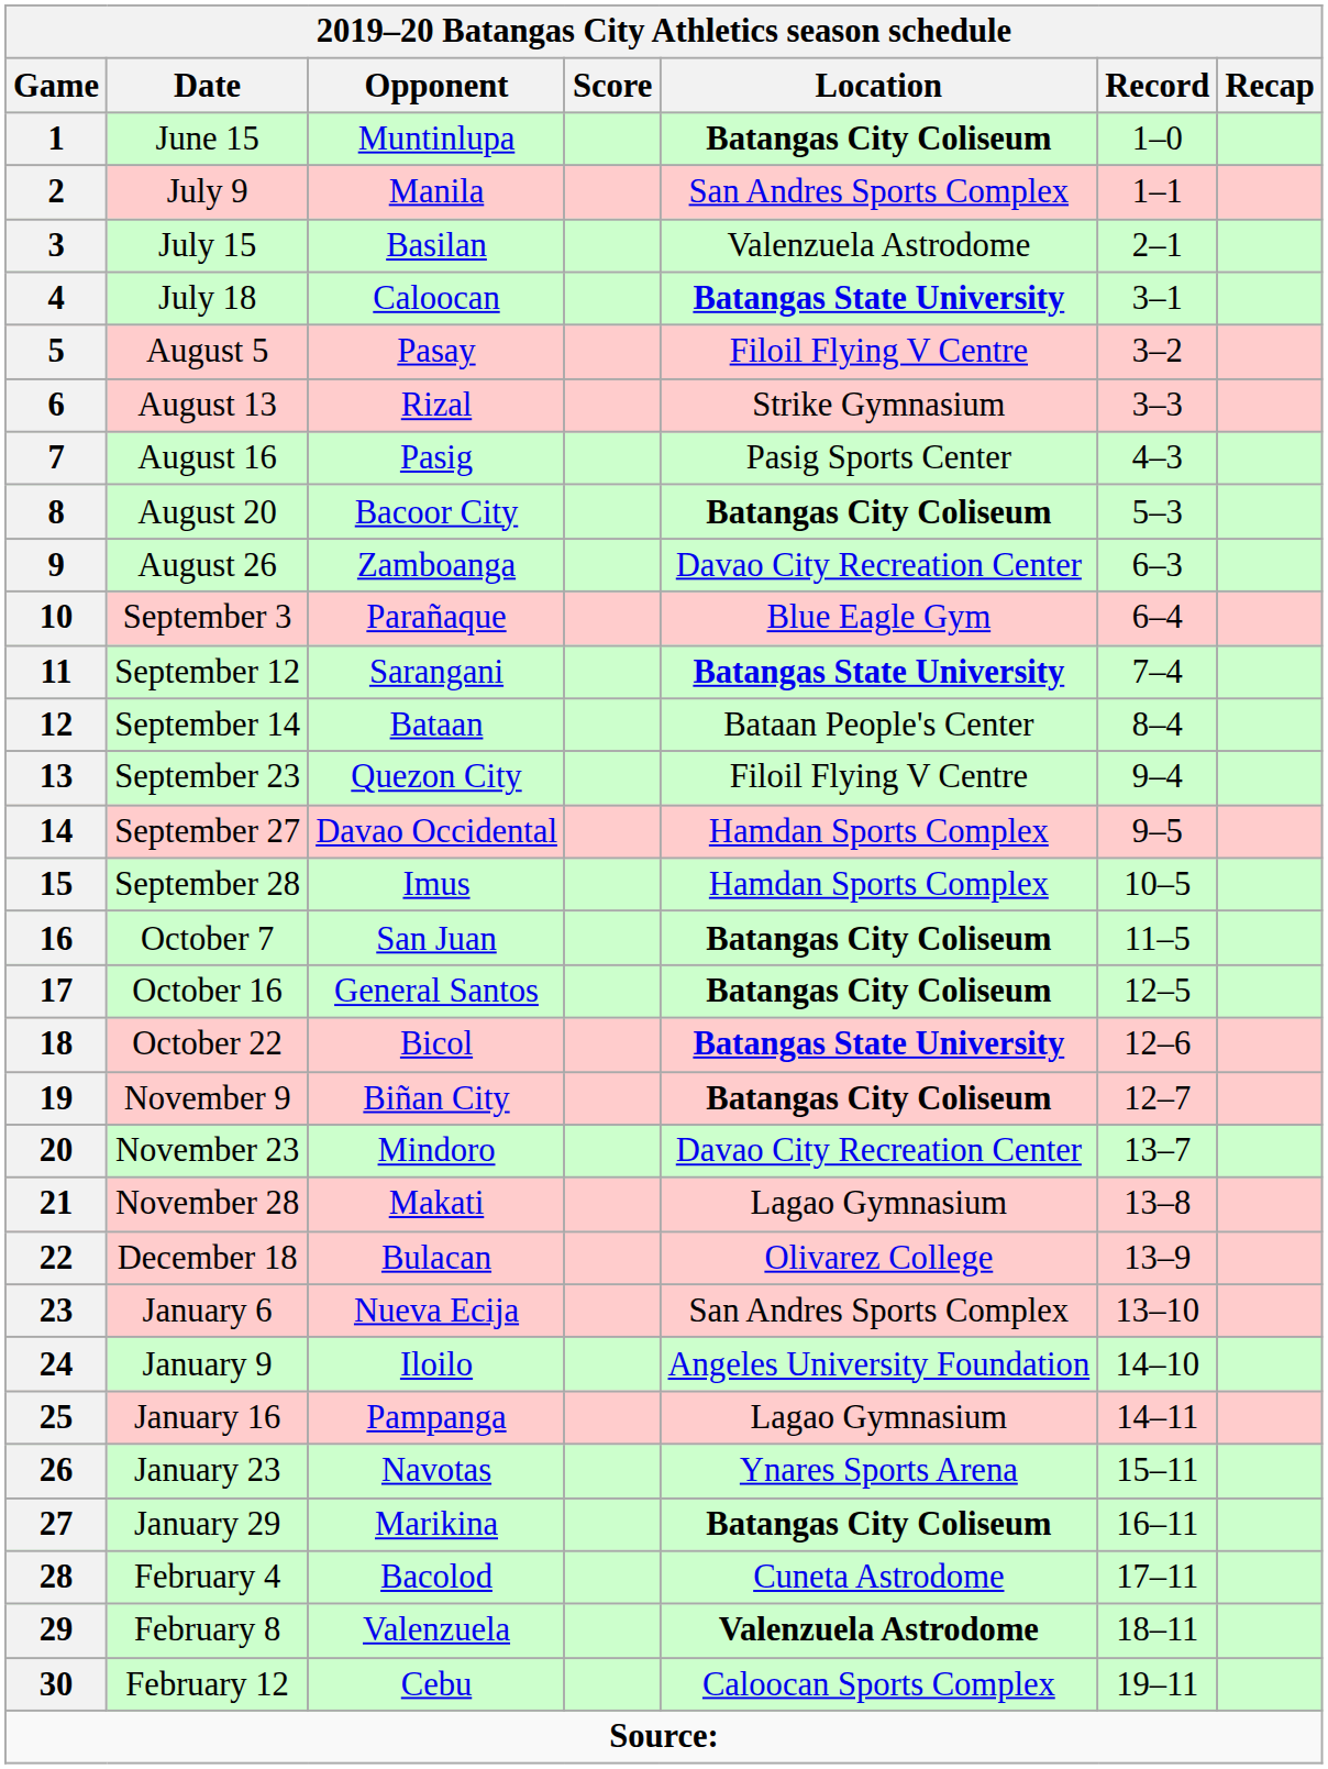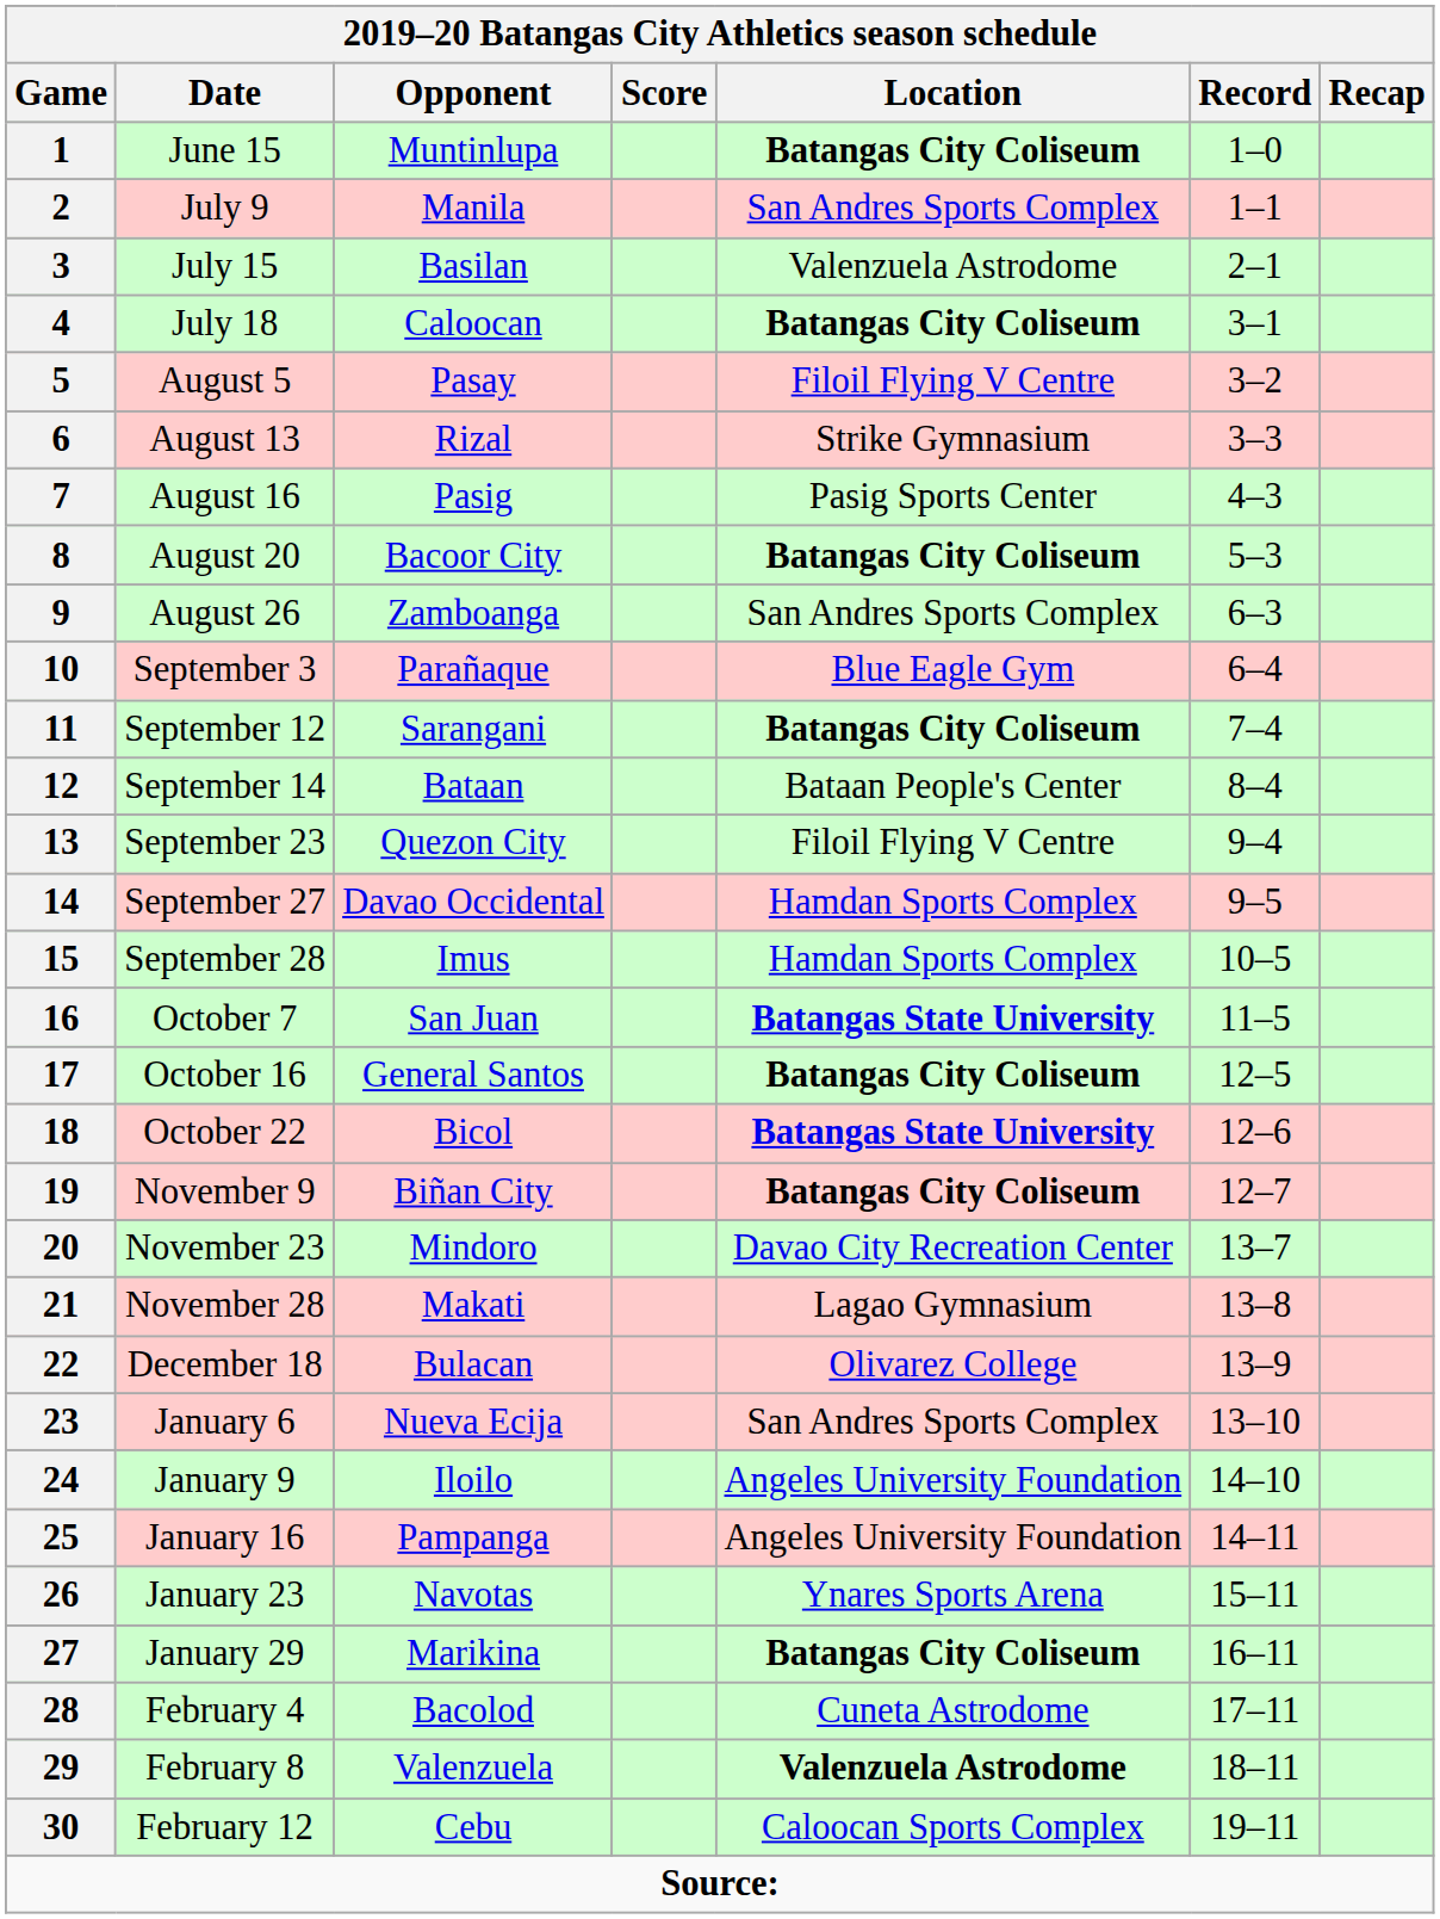 <table class="wikitable" style="text-align:center">
 <tr>
 <th colspan=7>2019–20 Batangas City Athletics season schedule</th>
 </tr>
 <tr>
 <th>Game</th>
 <th>Date</th>
 <th>Opponent</th>
 <th>Score</th>
 <th>Location</th>
 <th>Record</th>
 <th>Recap<br></th>
 </tr>
 <tr style="background:#cfc">
 <th>1</th>
 <td>June 15</td>
 <td><a href='#'>Muntinlupa</a></td>
 <td></td>
 <td><strong>Batangas City Coliseum</strong></td>
 <td>1–0</td>
 <td></td>
 </tr>
 <tr style="background:#fcc">
 <th>2</th>
 <td>July 9</td>
 <td><a href='#'>Manila</a></td>
 <td></td>
 <td><a href='#'>San Andres Sports Complex</a></td>
 <td>1–1</td>
 <td></td>
 </tr>
 <tr style="background:#cfc">
 <th>3</th>
 <td>July 15</td>
 <td><a href='#'>Basilan</a></td>
 <td></td>
 <td>Valenzuela Astrodome</td>
 <td>2–1</td>
 <td></td>
 </tr>
 <tr style="background:#cfc">
 <th>4</th>
 <td>July 18</td>
 <td><a href='#'>Caloocan</a></td>
 <td></td>
-<td><strong><a href='#'>Batangas State University</a></strong></td>
+<td><strong>Batangas City Coliseum</strong></td>
 <td>3–1</td>
 <td></td>
 </tr>
 <tr style="background:#fcc">
 <th>5</th>
 <td>August 5</td>
 <td><a href='#'>Pasay</a></td>
 <td></td>
 <td><a href='#'>Filoil Flying V Centre</a></td>
 <td>3–2</td>
 <td></td>
 </tr>
 <tr style="background:#fcc">
 <th>6</th>
 <td>August 13</td>
 <td><a href='#'>Rizal</a></td>
 <td></td>
 <td>Strike Gymnasium</td>
 <td>3–3</td>
 <td></td>
 </tr>
 <tr style="background:#cfc">
 <th>7</th>
 <td>August 16</td>
 <td><a href='#'>Pasig</a></td>
 <td></td>
 <td>Pasig Sports Center</td>
 <td>4–3</td>
 <td></td>
 </tr>
 <tr style="background:#cfc">
 <th>8</th>
 <td>August 20</td>
 <td><a href='#'>Bacoor City</a></td>
 <td></td>
 <td><strong>Batangas City Coliseum</strong></td>
 <td>5–3</td>
 <td></td>
 </tr>
 <tr style="background:#cfc">
 <th>9</th>
 <td>August 26</td>
 <td><a href='#'>Zamboanga</a></td>
 <td></td>
-<td><a href='#'>Davao City Recreation Center</a></td>
+<td>San Andres Sports Complex</td>
 <td>6–3</td>
 <td><br></td>
 </tr>
 <tr style="background:#fcc">
 <th>10</th>
 <td>September 3</td>
 <td><a href='#'>Parañaque</a></td>
 <td></td>
 <td><a href='#'>Blue Eagle Gym</a></td>
 <td>6–4</td>
 <td></td>
 </tr>
 <tr style="background:#cfc">
 <th>11</th>
 <td>September 12</td>
 <td><a href='#'>Sarangani</a></td>
 <td></td>
-<td><strong><a href='#'>Batangas State University</a></strong></td>
+<td><strong>Batangas City Coliseum</strong></td>
 <td>7–4</td>
 <td></td>
 </tr>
 <tr style="background:#cfc">
 <th>12</th>
 <td>September 14</td>
 <td><a href='#'>Bataan</a></td>
 <td></td>
 <td>Bataan People's Center</td>
 <td>8–4</td>
 <td></td>
 </tr>
 <tr style="background:#cfc">
 <th>13</th>
 <td>September 23</td>
 <td><a href='#'>Quezon City</a></td>
 <td></td>
 <td>Filoil Flying V Centre</td>
 <td>9–4</td>
 <td></td>
 </tr>
 <tr style="background:#fcc">
 <th>14</th>
 <td>September 27</td>
 <td><a href='#'>Davao Occidental</a></td>
 <td></td>
 <td> <a href='#'>Hamdan Sports Complex</a></td>
 <td>9–5</td>
 <td></td>
 </tr>
 <tr style="background:#cfc">
 <th>15</th>
 <td>September 28</td>
 <td><a href='#'>Imus</a></td>
 <td></td>
 <td> <a href='#'>Hamdan Sports Complex</a></td>
 <td>10–5</td>
 <td></td>
 </tr>
 <tr style="background:#cfc">
 <th>16</th>
 <td>October 7</td>
 <td><a href='#'>San Juan</a></td>
 <td></td>
-<td><strong>Batangas City Coliseum</strong></td>
+<td><strong><a href='#'>Batangas State University</a></strong></td>
 <td>11–5</td>
 <td></td>
 </tr>
 <tr style="background:#cfc">
 <th>17</th>
 <td>October 16</td>
 <td><a href='#'>General Santos</a></td>
 <td></td>
 <td><strong>Batangas City Coliseum</strong></td>
 <td>12–5</td>
 <td></td>
 </tr>
 <tr style="background:#fcc">
 <th>18</th>
 <td>October 22</td>
 <td><a href='#'>Bicol</a></td>
 <td></td>
 <td><strong><a href='#'>Batangas State University</a></strong></td>
 <td>12–6</td>
 <td></td>
 </tr>
 <tr style="background:#fcc">
 <th>19</th>
 <td>November 9</td>
 <td><a href='#'>Biñan City</a></td>
 <td></td>
 <td><strong>Batangas City Coliseum</strong></td>
 <td>12–7</td>
 <td></td>
 </tr>
 <tr style="background:#cfc">
 <th>20</th>
 <td>November 23</td>
 <td><a href='#'>Mindoro</a></td>
 <td></td>
 <td><a href='#'>Davao City Recreation Center</a></td>
 <td>13–7</td>
 <td></td>
 </tr>
 <tr style="background:#fcc">
 <th>21</th>
 <td>November 28</td>
 <td><a href='#'>Makati</a></td>
 <td></td>
 <td>Lagao Gymnasium</td>
 <td>13–8</td>
 <td><br></td>
 </tr>
 <tr style="background:#fcc">
 <th>22</th>
 <td>December 18</td>
 <td><a href='#'>Bulacan</a></td>
 <td></td>
 <td><a href='#'>Olivarez College</a></td>
 <td>13–9</td>
 <td></td>
 </tr>
 <tr style="background:#fcc">
 <th>23</th>
 <td>January 6</td>
 <td><a href='#'>Nueva Ecija</a></td>
 <td></td>
 <td>San Andres Sports Complex</td>
 <td>13–10</td>
 <td></td>
 </tr>
 <tr style="background:#cfc">
 <th>24</th>
 <td>January 9</td>
 <td><a href='#'>Iloilo</a></td>
 <td></td>
 <td><a href='#'>Angeles University Foundation</a></td>
 <td>14–10</td>
 <td></td>
 </tr>
 <tr style="background:#fcc">
 <th>25</th>
 <td>January 16</td>
 <td><a href='#'>Pampanga</a></td>
 <td></td>
-<td>Lagao Gymnasium</td>
+<td>Angeles University Foundation</td>
 <td>14–11</td>
 <td></td>
 </tr>
 <tr style="background:#cfc">
 <th>26</th>
 <td>January 23</td>
 <td><a href='#'>Navotas</a></td>
 <td></td>
 <td><a href='#'>Ynares Sports Arena</a></td>
 <td>15–11</td>
 <td></td>
 </tr>
 <tr style="background:#cfc">
 <th>27</th>
 <td>January 29</td>
 <td><a href='#'>Marikina</a></td>
 <td></td>
 <td><strong>Batangas City Coliseum</strong></td>
 <td>16–11</td>
 <td></td>
 </tr>
 <tr style="background:#cfc">
 <th>28</th>
 <td>February 4</td>
 <td><a href='#'>Bacolod</a></td>
 <td></td>
 <td><a href='#'>Cuneta Astrodome</a></td>
 <td>17–11</td>
 <td></td>
 </tr>
 <tr style="background:#cfc">
 <th>29</th>
 <td>February 8</td>
 <td><a href='#'>Valenzuela</a></td>
 <td></td>
 <td><strong>Valenzuela Astrodome</strong></td>
 <td>18–11</td>
 <td></td>
 </tr>
 <tr style="background:#cfc">
 <th>30</th>
 <td>February 12</td>
 <td><a href='#'>Cebu</a></td>
 <td></td>
 <td><a href='#'>Caloocan Sports Complex</a></td>
 <td>19–11</td>
 <td></td>
 </tr>
 <tr>
 <td colspan=7 align=center><strong>Source: </strong></td>
 </tr>
 </table>
